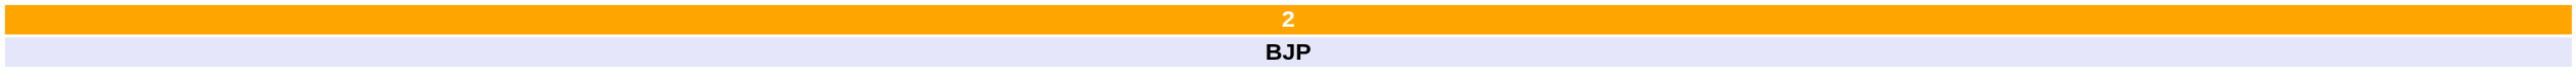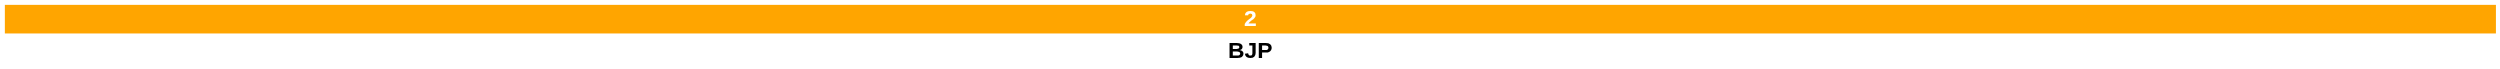 <table style="width:88%; text-align:center;">
 <tr style="color:white;">
 <td style="background:orange; width:100%;"><strong>2</strong></td>
 </tr>
 <tr>
-<td style="background: lavender;"><span><strong>BJP</strong></span></td>
+<td><span><strong>BJP</strong></span></td>
 </tr>
 </table>
